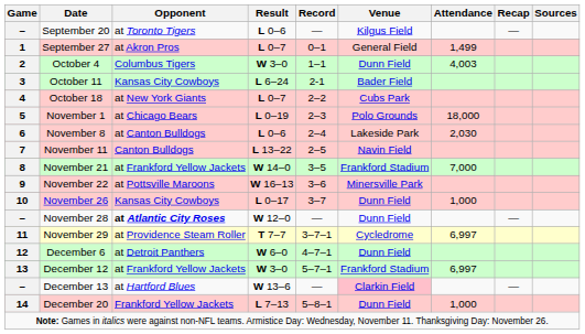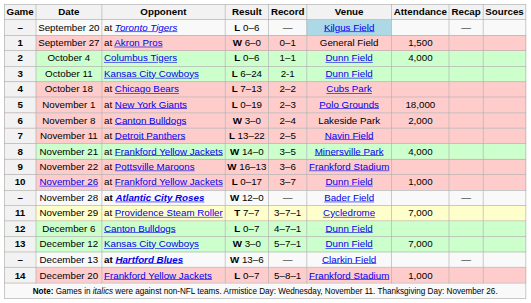 <table class="wikitable" style="text-align:center">
 <tr>
 <th>Game</th>
 <th>Date</th>
 <th>Opponent</th>
 <th>Result</th>
 <th>Record</th>
 <th>Venue</th>
 <th>Attendance</th>
 <th>Recap</th>
 <th>Sources</th>
 </tr>
 <tr>
 <th>–</th>
 <td>September 20</td>
 <td style="text-align: left;">at <em><a href='#'>Toronto Tigers</a></em></td>
 <td><strong>L</strong> 0–6</td>
 <td>—</td>
-<td><a href='#'>Kilgus Field</a></td>
+<td style="background: lightblue;"><a href='#'>Kilgus Field</a></td>
 <td></td>
 <td>—</td>
 <td></td>
 </tr>
 <tr style="background:#fcc">
 <th>1</th>
 <td>September 27</td>
 <td style="text-align: left;">at <a href='#'>Akron Pros</a></td>
-<td><strong>L</strong> 0–7</td>
+<td><strong>W</strong> 6–0</td>
 <td>0–1</td>
 <td>General Field</td>
-<td>1,499 </td>
+<td>1,500 </td>
 <td></td>
 <td></td>
 </tr>
 <tr style="background:#cfc">
 <th>2</th>
 <td>October 4</td>
 <td style="text-align: left;"><a href='#'>Columbus Tigers</a></td>
-<td><strong>W</strong> 3–0</td>
+<td><strong>L</strong> 0–6</td>
 <td>1–1</td>
 <td><a href='#'>Dunn Field</a></td>
-<td>4,003</td>
+<td>4,000</td>
 <td></td>
 <td></td>
 </tr>
 <tr style="background:#cfc">
 <th>3</th>
 <td>October 11</td>
 <td style="text-align: left;"><a href='#'>Kansas City Cowboys</a></td>
 <td><strong>L</strong> 6–24</td>
 <td>2-1</td>
-<td><a href='#'>Bader Field</a></td>
+<td><a href='#'>Dunn Field</a></td>
 <td></td>
 <td></td>
 <td></td>
 </tr>
 <tr style="background:#fcc">
 <th>4</th>
 <td>October 18</td>
-<td style="text-align: left;">at <a href='#'>New York Giants</a></td>
-<td><strong>L</strong> 0–7</td>
+<td style="text-align: left;">at <a href='#'>Chicago Bears</a></td>
+<td><strong>L</strong> 7–13</td>
 <td>2–2</td>
 <td><a href='#'>Cubs Park</a></td>
 <td></td>
 <td></td>
 <td></td>
 </tr>
 <tr style="background:#fcc">
 <th>5</th>
 <td>November 1</td>
-<td style="text-align: left;">at <a href='#'>Chicago Bears</a></td>
+<td style="text-align: left;">at <a href='#'>New York Giants</a></td>
 <td><strong>L</strong> 0–19</td>
 <td>2–3</td>
 <td><a href='#'>Polo Grounds</a></td>
 <td>18,000</td>
 <td></td>
 <td></td>
 </tr>
 <tr style="background:#fcc">
 <th>6</th>
 <td>November 8</td>
 <td style="text-align: left;">at <a href='#'>Canton Bulldogs</a></td>
-<td><strong>L</strong> 0–6</td>
+<td><strong>W</strong> 3–0</td>
 <td>2–4</td>
 <td>Lakeside Park</td>
-<td>2,030</td>
+<td>2,000</td>
 <td></td>
 <td></td>
 </tr>
 <tr style="background:#fcc">
 <th>7</th>
 <td>November 11</td>
-<td style="text-align: left;"><a href='#'>Canton Bulldogs</a></td>
+<td style="text-align: left;">at <a href='#'>Detroit Panthers</a></td>
 <td><strong>L</strong> 13–22</td>
 <td>2–5</td>
 <td><a href='#'>Navin Field</a></td>
 <td></td>
 <td></td>
 <td></td>
 </tr>
 <tr style="background:#cfc">
 <th>8</th>
 <td>November 21</td>
 <td style="text-align: left;">at <a href='#'>Frankford Yellow Jackets</a></td>
 <td><strong>W</strong> 14–0</td>
 <td>3–5</td>
-<td><a href='#'>Frankford Stadium</a></td>
-<td>7,000</td>
+<td><a href='#'>Minersville Park</a></td>
+<td>4,000</td>
 <td></td>
 <td></td>
 </tr>
 <tr style="background:#fcc">
 <th>9</th>
 <td>November 22</td>
 <td style="text-align: left;">at <a href='#'>Pottsville Maroons</a></td>
 <td><strong>W</strong> 16–13</td>
 <td>3–6</td>
-<td><a href='#'>Minersville Park</a></td>
+<td><a href='#'>Frankford Stadium</a></td>
 <td></td>
 <td></td>
 <td></td>
 </tr>
 <tr style="background:#fcc">
 <th>10</th>
 <td><a href='#'>November 26</a></td>
-<td style="text-align: left;"><a href='#'>Kansas City Cowboys</a></td>
+<td style="text-align: left;">at <a href='#'>Frankford Yellow Jackets</a></td>
 <td><strong>L</strong> 0–17</td>
 <td>3–7</td>
 <td><a href='#'>Dunn Field</a></td>
 <td>1,000</td>
 <td></td>
 <td></td>
 </tr>
 <tr>
 <th>–</th>
 <td>November 28</td>
 <td style="text-align: left;"><strong>at <em><a href='#'>Atlantic City Roses</a></em></strong></td>
 <td><strong>W</strong> 12–0</td>
 <td>—</td>
-<td><a href='#'>Dunn Field</a></td>
+<td><a href='#'>Bader Field</a></td>
 <td></td>
 <td>—</td>
 <td></td>
 </tr>
 <tr style="background:#ffc">
 <th>11</th>
 <td>November 29</td>
 <td style="text-align: left;">at <a href='#'>Providence Steam Roller</a></td>
 <td><strong>T</strong> 7–7</td>
 <td>3–7–1</td>
 <td><a href='#'>Cycledrome</a></td>
-<td>6,997</td>
+<td>7,000</td>
 <td></td>
 <td></td>
 </tr>
 <tr style="background:#cfc">
 <th>12</th>
 <td>December 6</td>
-<td style="text-align: left;">at <a href='#'>Detroit Panthers</a></td>
-<td><strong>W</strong> 6–0</td>
+<td style="text-align: left;"><a href='#'>Canton Bulldogs</a></td>
+<td><strong>L</strong> 0–7</td>
 <td>4–7–1</td>
 <td><a href='#'>Dunn Field</a></td>
 <td></td>
 <td></td>
 <td></td>
 </tr>
 <tr style="background:#cfc">
 <th>13</th>
 <td>December 12</td>
-<td style="text-align: left;">at <a href='#'>Frankford Yellow Jackets</a></td>
+<td style="text-align: left;"><a href='#'>Kansas City Cowboys</a></td>
 <td><strong>W</strong> 3–0</td>
 <td>5–7–1</td>
-<td><a href='#'>Frankford Stadium</a></td>
-<td>6,997</td>
+<td><a href='#'>Dunn Field</a></td>
+<td>7,000</td>
 <td></td>
 <td></td>
 </tr>
 <tr>
 <th>–</th>
 <td>December 13</td>
-<td style="text-align: left;">at <em><a href='#'>Hartford Blues</a></em></td>
+<td style="text-align: left;"><strong>at <em><a href='#'>Hartford Blues</a></em></strong></td>
 <td><strong>W</strong> 13–6</td>
 <td>—</td>
-<td style="background: pink;"><a href='#'>Clarkin Field</a></td>
+<td><a href='#'>Clarkin Field</a></td>
 <td></td>
 <td>—</td>
 <td></td>
 </tr>
 <tr style="background:#fcc">
 <th>14</th>
 <td>December 20</td>
 <td style="text-align: left;"><a href='#'>Frankford Yellow Jackets</a></td>
-<td><strong>L</strong> 7–13</td>
+<td><strong>L</strong> 0–7</td>
 <td>5–8–1</td>
-<td><a href='#'>Dunn Field</a></td>
+<td><a href='#'>Frankford Stadium</a></td>
 <td>1,000</td>
 <td></td>
 <td></td>
 </tr>
 <tr>
 <td colspan="10"><small><strong>Note:</strong> Games in <em>italics</em> were against non-NFL teams. Armistice Day: Wednesday, November 11. Thanksgiving Day: November 26.</small></td>
 </tr>
 </table>
